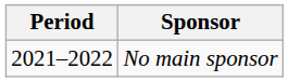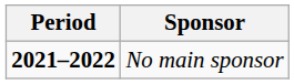 <table class="wikitable sortable" style="text-align:center;margin-left:1em;">
 <tr>
 <th>Period</th>
 <th>Sponsor</th>
 </tr>
 <tr>
-<td>2021–2022</td>
+<td><strong>2021–2022</strong></td>
 <td rowspan=1><em>No main sponsor</em></td>
 </tr>
 </table>
